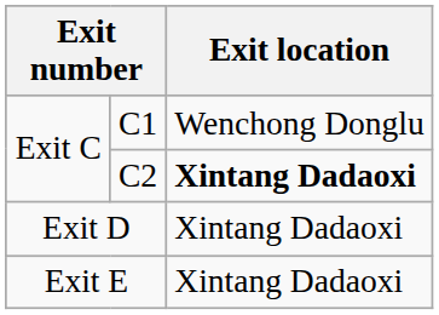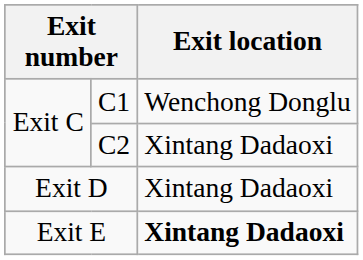 <table class="wikitable">
 <tr>
 <th style="width:70px" colspan="2">Exit number</th>
 <th>Exit location</th>
 </tr>
 <tr>
 <td align="center" rowspan="2">Exit C</td>
 <td>C1</td>
 <td>Wenchong Donglu</td>
 </tr>
 <tr>
 <td>C2</td>
-<td><strong>Xintang Dadaoxi</strong></td>
+<td>Xintang Dadaoxi</td>
 </tr>
 <tr>
 <td align="center" colspan="2">Exit D</td>
 <td>Xintang Dadaoxi</td>
 </tr>
 <tr>
 <td align="center" colspan="2">Exit E</td>
-<td>Xintang Dadaoxi</td>
+<td><strong>Xintang Dadaoxi</strong></td>
 </tr>
 </table>
